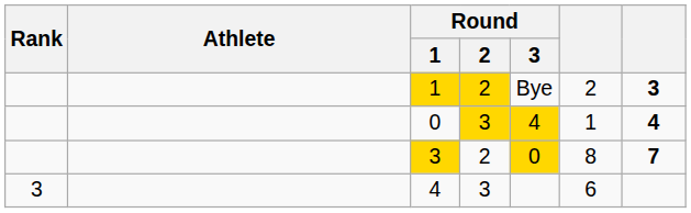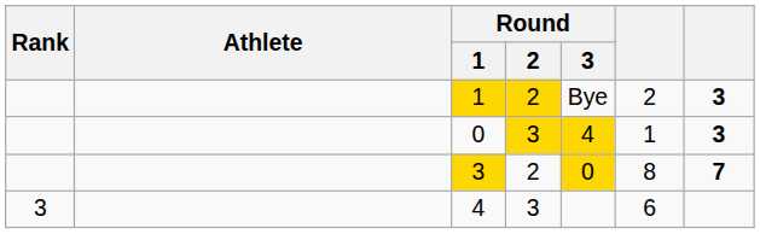 <table class="wikitable" style="text-align: center;">
 <tr>
 <th rowspan="2" width=40>Rank</th>
 <th rowspan="2" width=250>Athlete</th>
 <th colspan="3">Round</th>
 <th rowspan="2" width=40></th>
 <th rowspan="2" width=40></th>
 </tr>
 <tr>
 <th width=30>1</th>
 <th width=30>2</th>
 <th width=30>3</th>
 </tr>
 <tr>
 <td></td>
 <td align="left"></td>
 <td bgcolor=gold>1</td>
 <td bgcolor=gold>2</td>
 <td>Bye</td>
 <td>2</td>
 <td><strong>3</strong></td>
 </tr>
 <tr>
 <td></td>
 <td align="left"></td>
 <td>0</td>
 <td bgcolor=gold>3</td>
 <td bgcolor=gold>4</td>
 <td>1</td>
-<td><strong>4</strong></td>
+<td><strong>3</strong></td>
 </tr>
 <tr>
 <td></td>
 <td align="left"></td>
 <td bgcolor=gold>3</td>
 <td>2</td>
 <td bgcolor=gold>0</td>
 <td>8</td>
 <td><strong>7</strong></td>
 </tr>
 <tr>
 <td>3</td>
 <td align="left"></td>
 <td>4</td>
 <td>3</td>
 <td></td>
 <td>6</td>
 <td></td>
 </tr>
 </table>
